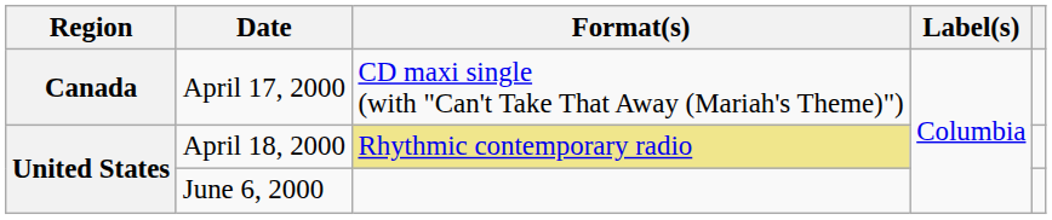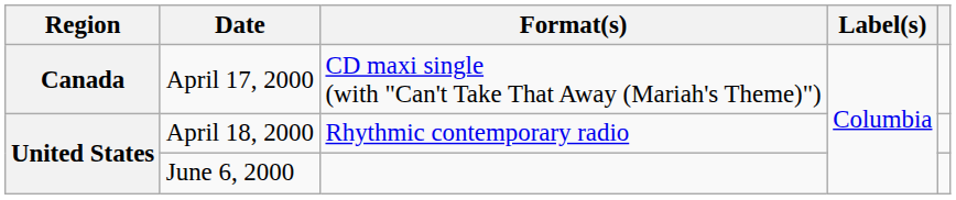 <table class="wikitable sortable plainrowheaders">
 <tr>
 <th scope="col">Region</th>
 <th scope="col">Date</th>
 <th scope="col">Format(s)</th>
 <th scope="col">Label(s)</th>
 <th scope="col"></th>
 </tr>
 <tr>
 <th scope="row">Canada</th>
 <td>April 17, 2000</td>
 <td><a href='#'>CD maxi single</a><br>(with "Can't Take That Away (Mariah's Theme)")</td>
 <td rowspan="3"><a href='#'>Columbia</a></td>
 <td></td>
 </tr>
 <tr>
 <th scope="row" rowspan="2">United States</th>
 <td>April 18, 2000</td>
-<td style="background: khaki;"><a href='#'>Rhythmic contemporary radio</a></td>
+<td><a href='#'>Rhythmic contemporary radio</a></td>
 <td></td>
 </tr>
 <tr>
 <td>June 6, 2000</td>
 <td></td>
 <td></td>
 </tr>
 </table>
